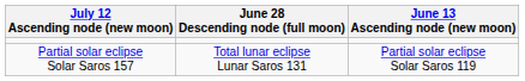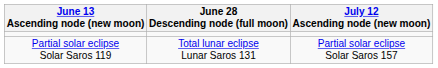 <table class="wikitable">
 <tr>
+<th><a href='#'>June 13</a><br>Ascending node (new moon)<br></th>
+<th>June 28<br>Descending node (full moon)<br></th>
 <th><a href='#'>July 12</a><br>Ascending node (new moon)<br></th>
-<th>June 28<br>Descending node (full moon)<br></th>
-<th><a href='#'>June 13</a><br>Ascending node (new moon)<br></th>
 </tr>
 <tr>
 <td></td>
 <td></td>
 <td></td>
 </tr>
 <tr align=center>
+<td><a href='#'>Partial solar eclipse</a><br>Solar Saros 119</td>
+<td><a href='#'>Total lunar eclipse</a><br>Lunar Saros 131</td>
 <td><a href='#'>Partial solar eclipse</a><br>Solar Saros 157</td>
-<td><a href='#'>Total lunar eclipse</a><br>Lunar Saros 131</td>
-<td><a href='#'>Partial solar eclipse</a><br>Solar Saros 119</td>
 </tr>
 </table>
